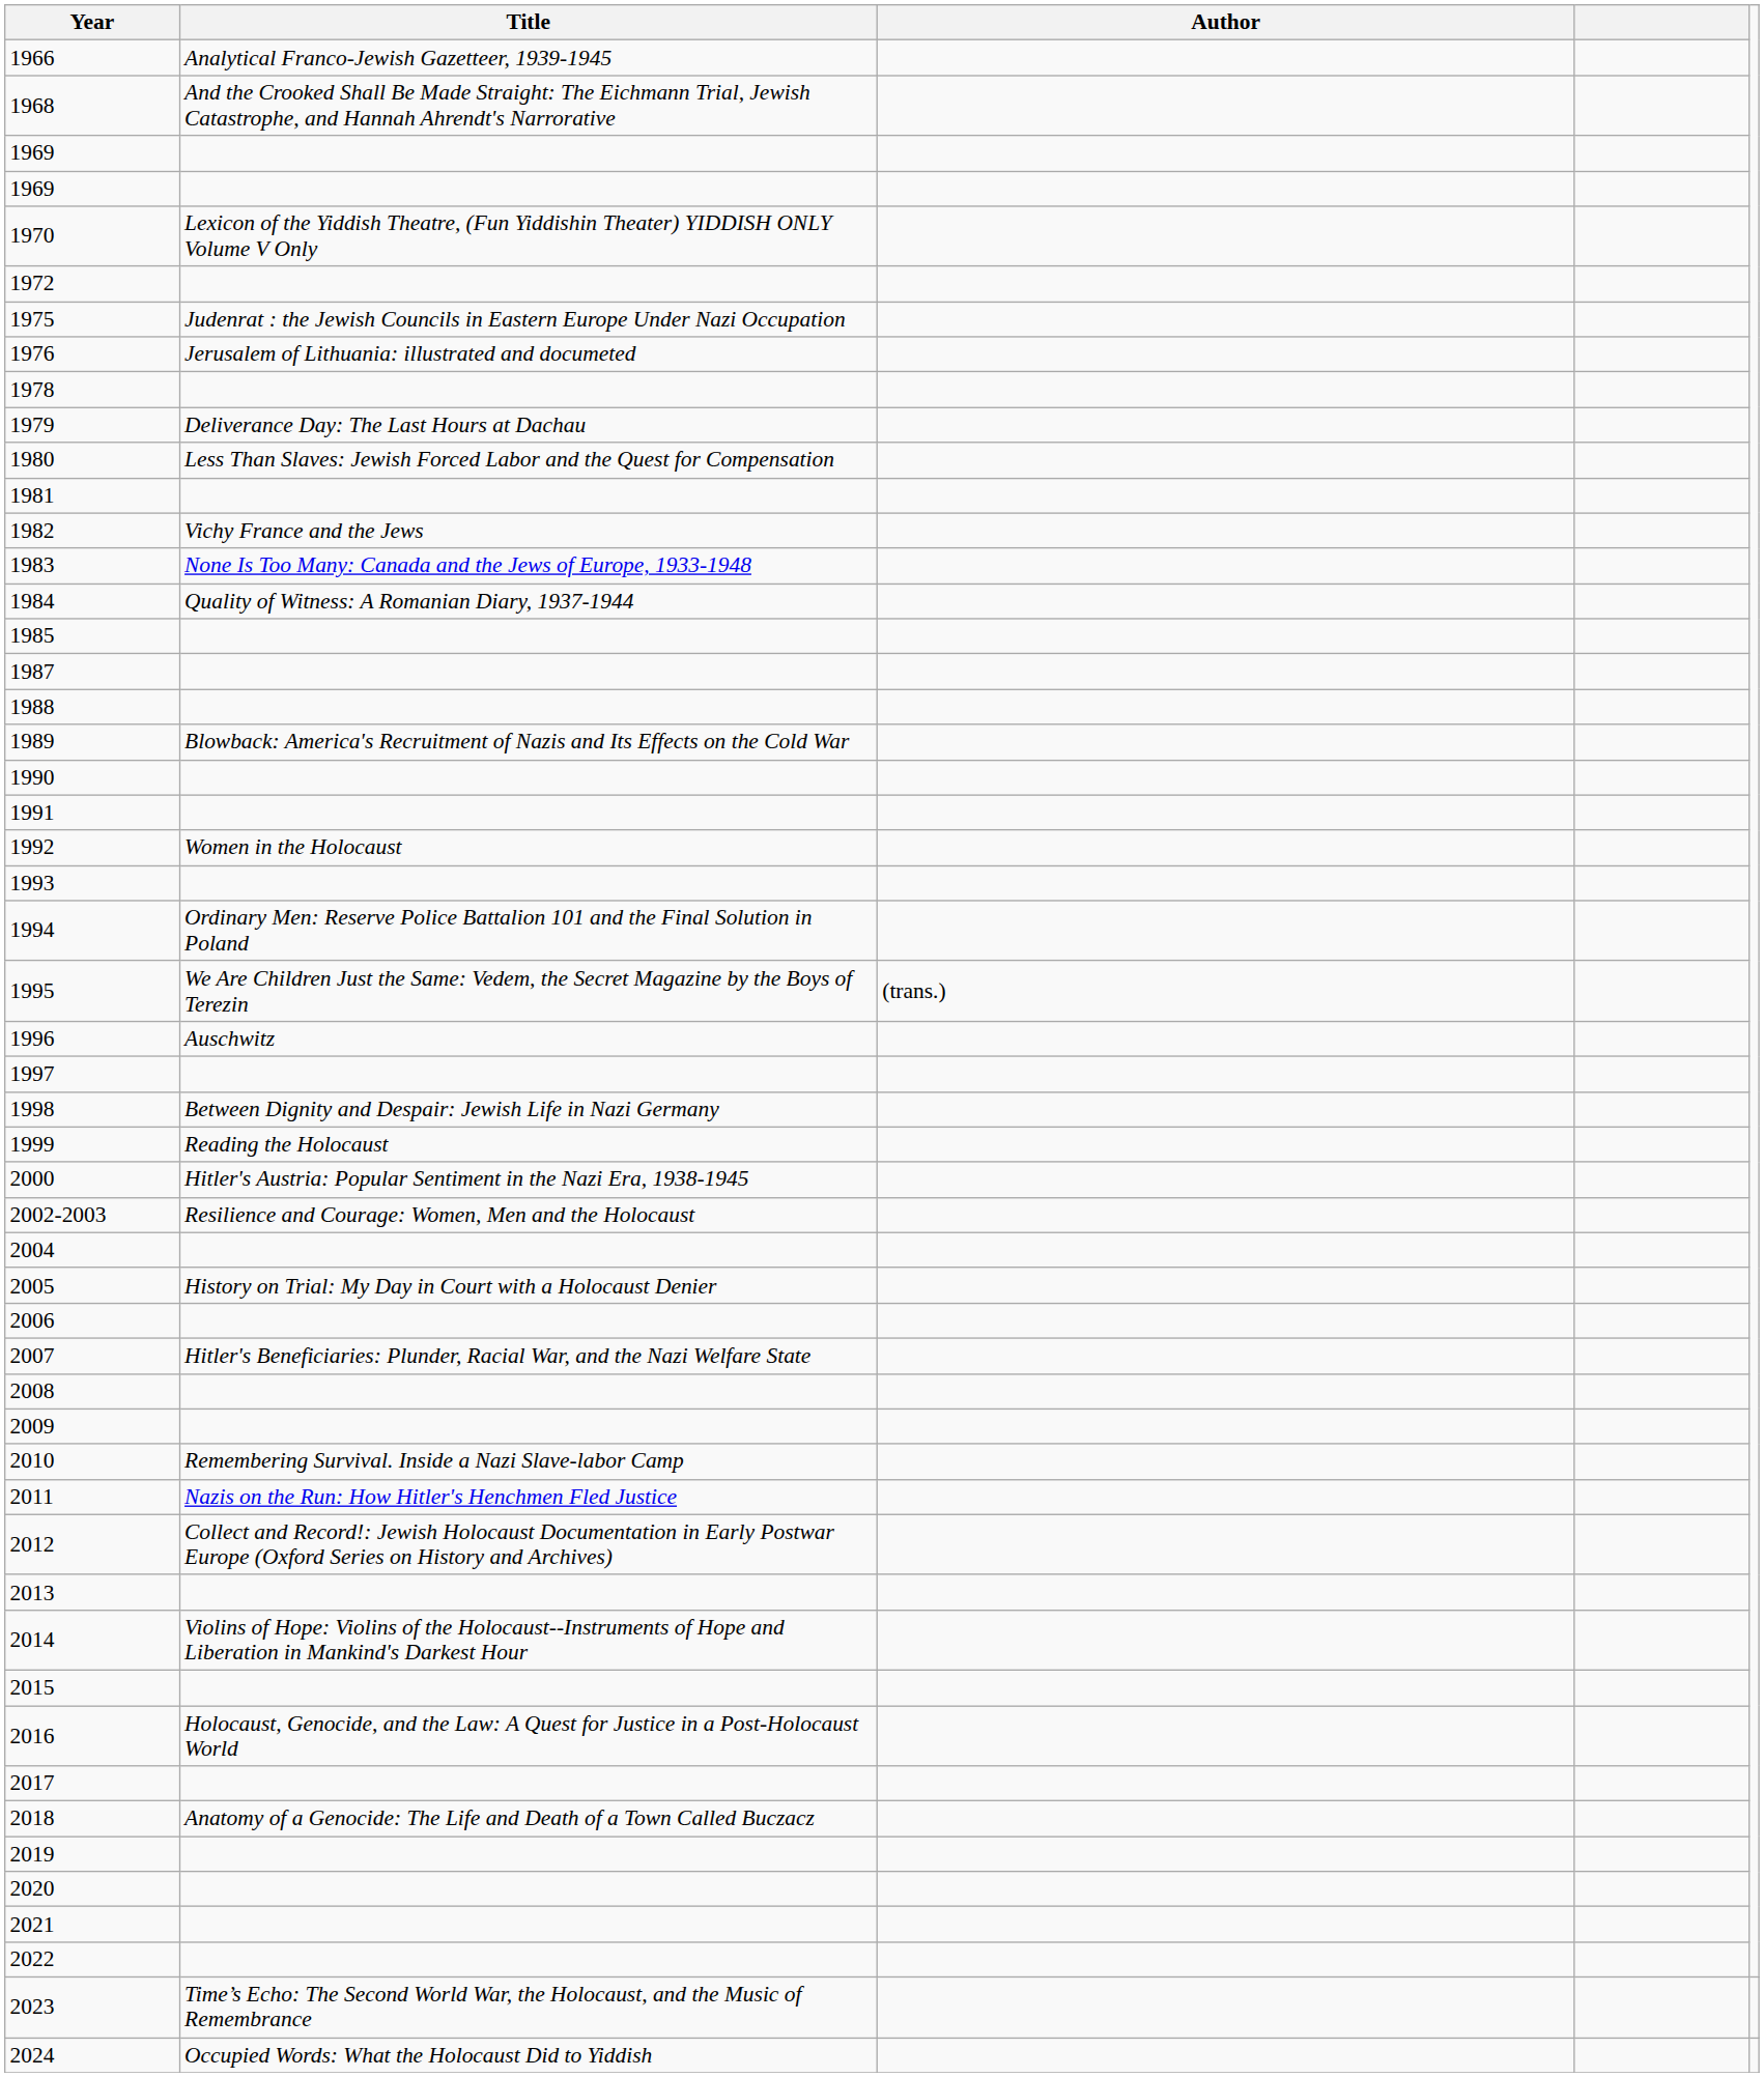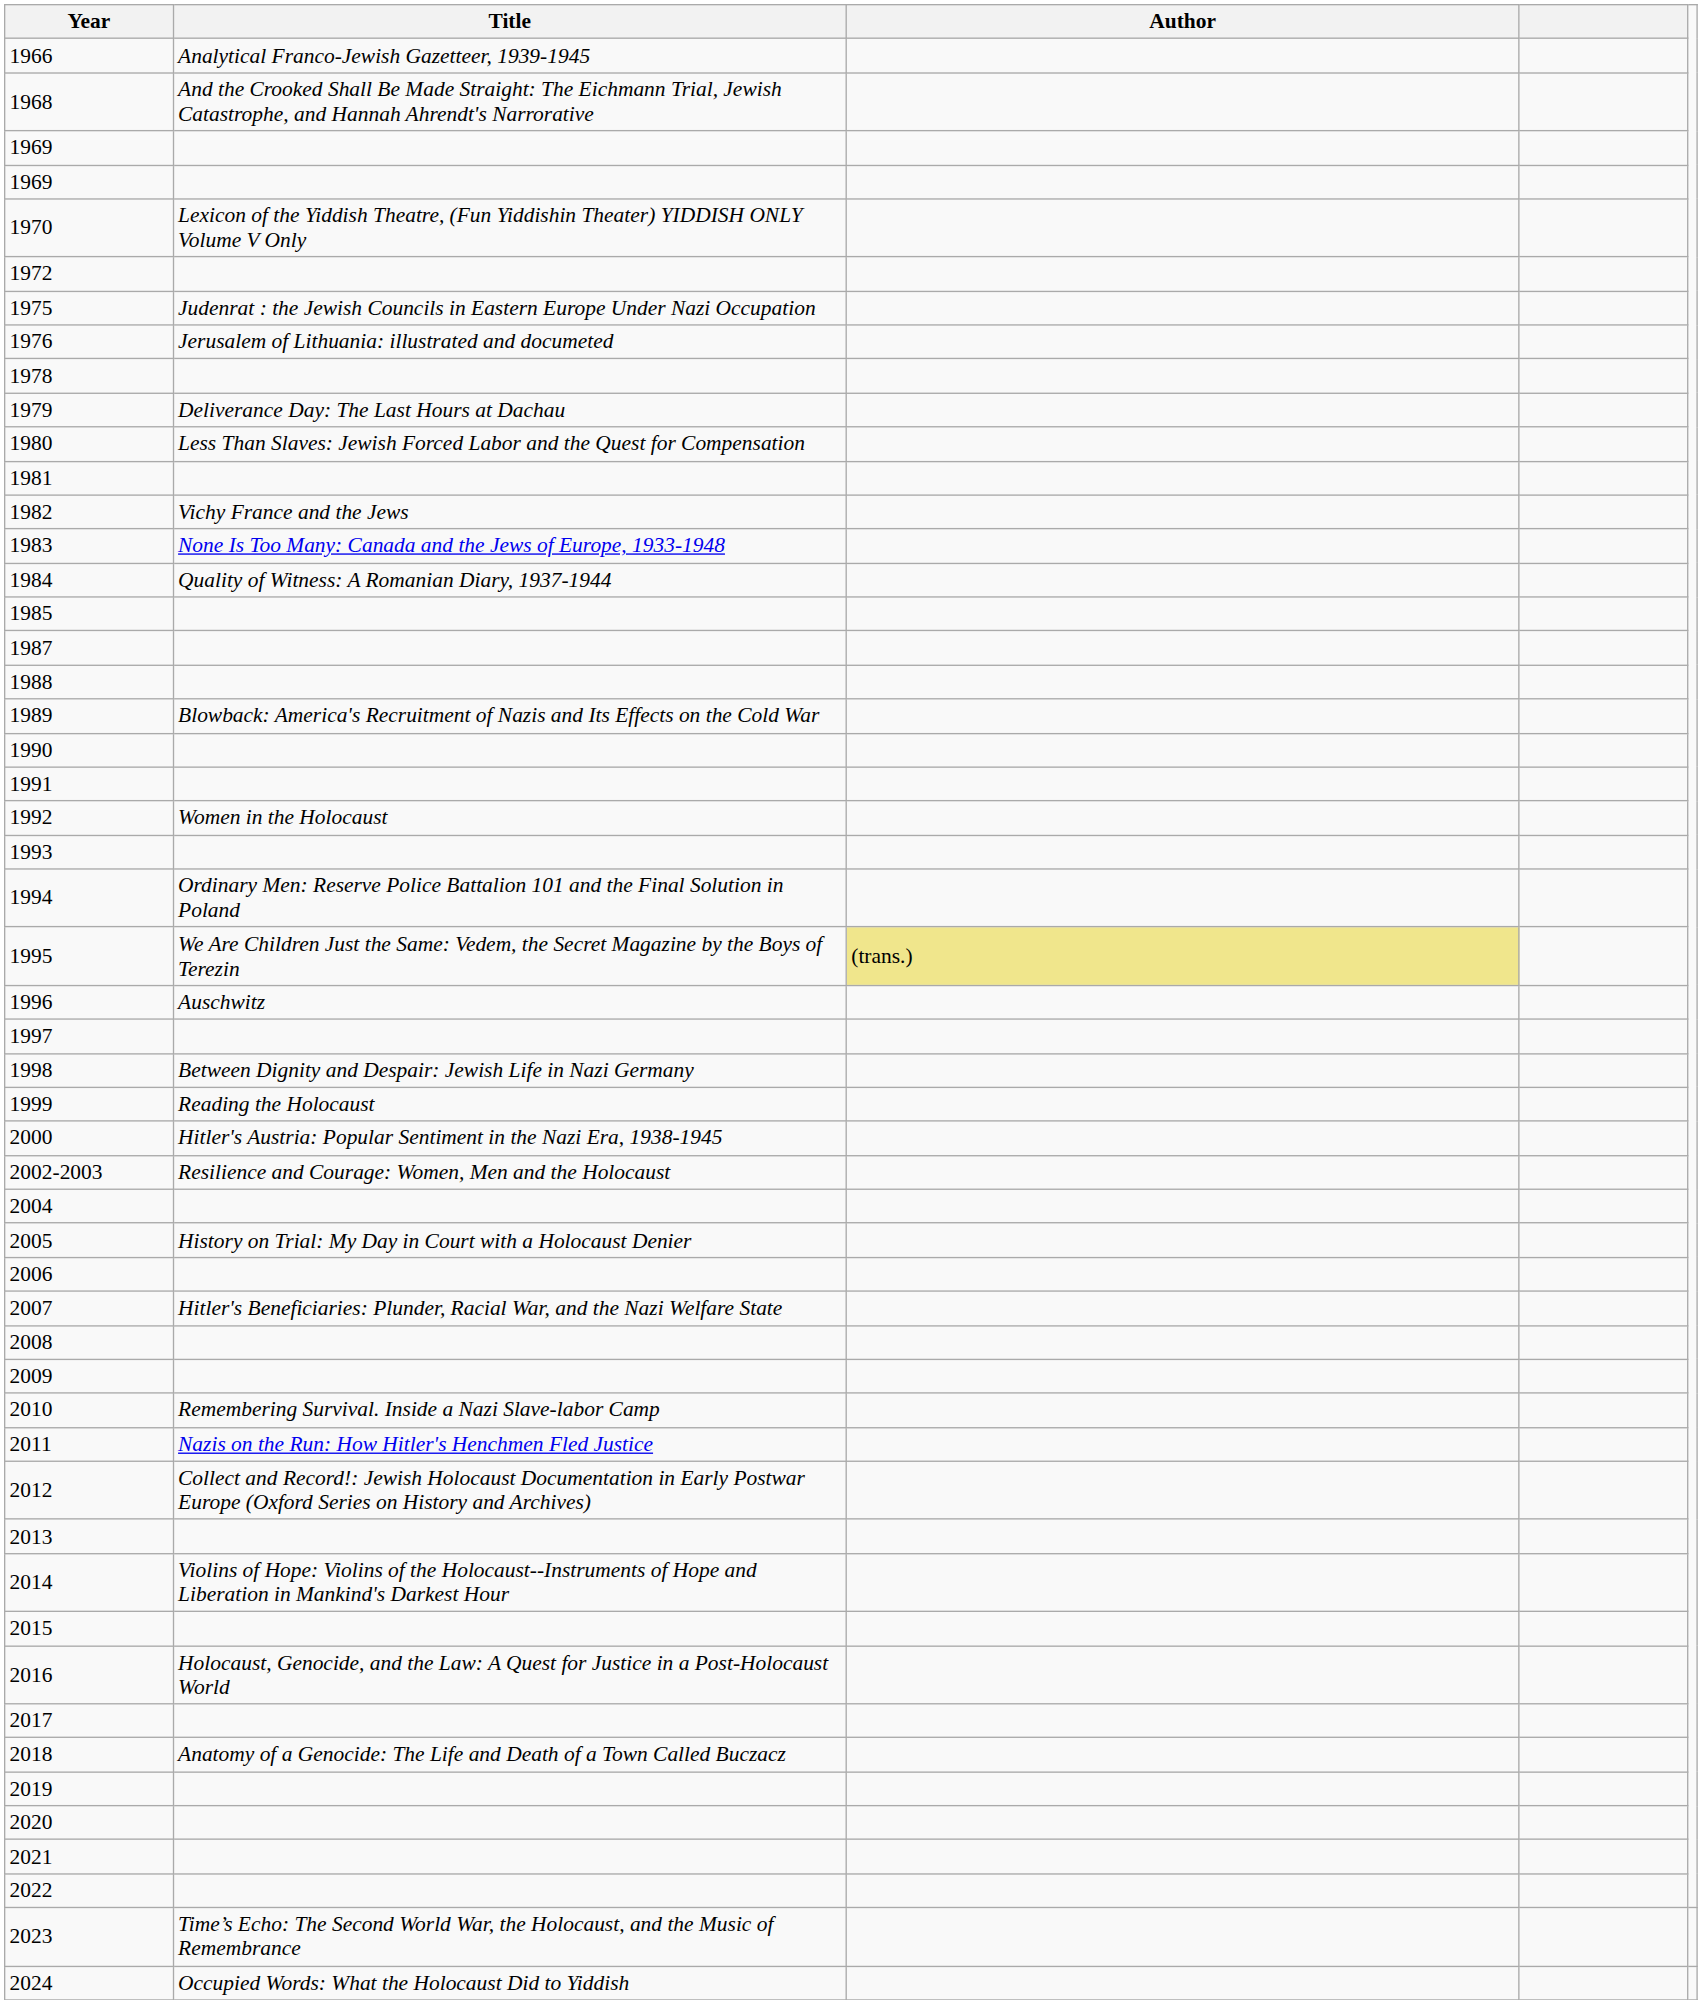 <table class="wikitable sortable" style="width:100%">
 <tr>
 <th scope="col" style="width:10%">Year</th>
 <th scope="col" style="width:40%">Title</th>
 <th scope="col" style="width:40%">Author</th>
 <th scope="col" style="width:10%"></th>
 </tr>
 <tr>
 <td>1966</td>
 <td><em>Analytical Franco-Jewish Gazetteer, 1939-1945</em></td>
 <td></td>
 <td></td>
 </tr>
 <tr>
 <td>1968</td>
 <td><em>And the Crooked Shall Be Made Straight: The Eichmann Trial, Jewish Catastrophe, and Hannah Ahrendt's Narrorative</em></td>
 <td></td>
 <td></td>
 </tr>
 <tr>
 <td>1969</td>
 <td><em></em></td>
 <td></td>
 <td></td>
 </tr>
 <tr>
 <td>1969</td>
 <td><em></em></td>
 <td></td>
 <td></td>
 </tr>
 <tr>
 <td>1970</td>
 <td><em>Lexicon of the Yiddish Theatre, (Fun Yiddishin Theater) YIDDISH ONLY Volume V Only</em></td>
 <td></td>
 <td></td>
 </tr>
 <tr>
 <td>1972</td>
 <td><em></em></td>
 <td></td>
 <td></td>
 </tr>
 <tr>
 <td>1975</td>
 <td><em>Judenrat : the Jewish Councils in Eastern Europe Under Nazi Occupation</em></td>
 <td></td>
 <td></td>
 </tr>
 <tr>
 <td>1976</td>
 <td><em>Jerusalem of Lithuania: illustrated and documeted</em></td>
 <td></td>
 <td></td>
 </tr>
 <tr>
 <td>1978</td>
 <td><em></em></td>
 <td></td>
 <td></td>
 </tr>
 <tr>
 <td>1979</td>
 <td><em>Deliverance Day: The Last Hours at Dachau</em></td>
 <td></td>
 <td></td>
 </tr>
 <tr>
 <td>1980</td>
 <td><em>Less Than Slaves: Jewish Forced Labor and the Quest for Compensation</em></td>
 <td></td>
 <td></td>
 </tr>
 <tr>
 <td>1981</td>
 <td><em></em></td>
 <td></td>
 <td></td>
 </tr>
 <tr>
 <td>1982</td>
 <td><em>Vichy France and the Jews</em></td>
 <td></td>
 <td></td>
 </tr>
 <tr>
 <td>1983</td>
 <td><em><a href='#'>None Is Too Many: Canada and the Jews of Europe, 1933-1948</a></em></td>
 <td></td>
 <td></td>
 </tr>
 <tr>
 <td>1984</td>
 <td><em>Quality of Witness: A Romanian Diary, 1937-1944</em></td>
 <td></td>
 <td></td>
 </tr>
 <tr>
 <td>1985</td>
 <td><em></em></td>
 <td></td>
 <td></td>
 </tr>
 <tr>
 <td>1987</td>
 <td><em></em></td>
 <td></td>
 <td></td>
 </tr>
 <tr>
 <td>1988</td>
 <td><em></em></td>
 <td></td>
 <td></td>
 </tr>
 <tr>
 <td>1989</td>
 <td><em>Blowback: America's Recruitment of Nazis and Its Effects on the Cold War</em></td>
 <td></td>
 <td></td>
 </tr>
 <tr>
 <td>1990</td>
 <td><em></em></td>
 <td></td>
 <td></td>
 </tr>
 <tr>
 <td>1991</td>
 <td><em></em></td>
 <td></td>
 <td></td>
 </tr>
 <tr>
 <td>1992</td>
 <td><em>Women in the Holocaust</em></td>
 <td></td>
 <td></td>
 </tr>
 <tr>
 <td>1993</td>
 <td><em></em></td>
 <td></td>
 <td></td>
 </tr>
 <tr>
 <td>1994</td>
 <td><em>Ordinary Men: Reserve Police Battalion 101 and the Final Solution in Poland</em></td>
 <td></td>
 <td></td>
 </tr>
 <tr>
 <td>1995</td>
 <td><em>We Are Children Just the Same: Vedem, the Secret Magazine by the Boys of Terezin</em></td>
-<td> (trans.)</td>
+<td style="background: khaki;"> (trans.)</td>
 <td></td>
 </tr>
 <tr>
 <td>1996</td>
 <td><em>Auschwitz</em></td>
 <td></td>
 <td></td>
 </tr>
 <tr>
 <td>1997</td>
 <td><em></em></td>
 <td></td>
 <td></td>
 </tr>
 <tr>
 <td>1998</td>
 <td><em>Between Dignity and Despair: Jewish Life in Nazi Germany</em></td>
 <td></td>
 <td></td>
 </tr>
 <tr>
 <td>1999</td>
 <td><em>Reading the Holocaust</em></td>
 <td></td>
 <td></td>
 </tr>
 <tr>
 <td>2000</td>
 <td><em>Hitler's Austria: Popular Sentiment in the Nazi Era, 1938-1945</em></td>
 <td></td>
 <td></td>
 </tr>
 <tr>
 <td>2002-2003</td>
 <td><em>Resilience and Courage: Women, Men and the Holocaust</em></td>
 <td></td>
 <td></td>
 </tr>
 <tr>
 <td>2004</td>
 <td><em></em></td>
 <td></td>
 <td></td>
 </tr>
 <tr>
 <td>2005</td>
 <td><em>History on Trial: My Day in Court with a Holocaust Denier</em></td>
 <td></td>
 <td></td>
 </tr>
 <tr>
 <td>2006</td>
 <td><em></em></td>
 <td></td>
 <td></td>
 </tr>
 <tr>
 <td>2007</td>
 <td><em>Hitler's Beneficiaries: Plunder, Racial War, and the Nazi Welfare State</em></td>
 <td></td>
 <td></td>
 </tr>
 <tr>
 <td>2008</td>
 <td><em></em></td>
 <td></td>
 <td></td>
 </tr>
 <tr>
 <td>2009</td>
 <td><em></em></td>
 <td></td>
 <td></td>
 </tr>
 <tr>
 <td>2010</td>
 <td><em>Remembering Survival. Inside a Nazi Slave-labor Camp</em></td>
 <td></td>
 <td></td>
 </tr>
 <tr>
 <td>2011</td>
 <td><em><a href='#'>Nazis on the Run: How Hitler's Henchmen Fled Justice</a></em></td>
 <td></td>
 <td></td>
 </tr>
 <tr>
 <td>2012</td>
 <td><em>Collect and Record!: Jewish Holocaust Documentation in Early Postwar Europe (Oxford Series on History and Archives)</em></td>
 <td></td>
 <td></td>
 </tr>
 <tr>
 <td>2013</td>
 <td><em></em></td>
 <td></td>
 <td></td>
 </tr>
 <tr>
 <td>2014</td>
 <td><em>Violins of Hope: Violins of the Holocaust--Instruments of Hope and Liberation in Mankind's Darkest Hour</em></td>
 <td></td>
 <td><em></em></td>
 </tr>
 <tr>
 <td>2015</td>
 <td><em></em></td>
 <td></td>
 <td></td>
 </tr>
 <tr>
 <td>2016</td>
 <td><em>Holocaust, Genocide, and the Law: A Quest for Justice in a Post-Holocaust World</em></td>
 <td></td>
 <td></td>
 </tr>
 <tr>
 <td>2017</td>
 <td><em></em></td>
 <td></td>
 <td></td>
 </tr>
 <tr>
 <td>2018</td>
 <td><em>Anatomy of a Genocide: The Life and Death of a Town Called Buczacz</em></td>
 <td></td>
 <td></td>
 </tr>
 <tr>
 <td>2019</td>
 <td><em></em></td>
 <td></td>
 <td></td>
 </tr>
 <tr>
 <td>2020</td>
 <td><em></em></td>
 <td></td>
 <td></td>
 </tr>
 <tr>
 <td>2021</td>
 <td><em></em></td>
 <td></td>
 <td></td>
 </tr>
 <tr>
 <td>2022</td>
 <td><em></em></td>
 <td></td>
 <td></td>
 </tr>
 <tr>
 <td>2023</td>
 <td><em>Time’s Echo: The Second World War, the Holocaust, and the Music of Remembrance</em></td>
 <td></td>
 <td></td>
 <td></td>
 </tr>
 <tr>
 <td>2024</td>
 <td><em>Occupied Words: What the Holocaust Did to Yiddish</em></td>
 <td></td>
 <td></td>
 </tr>
 </table>
